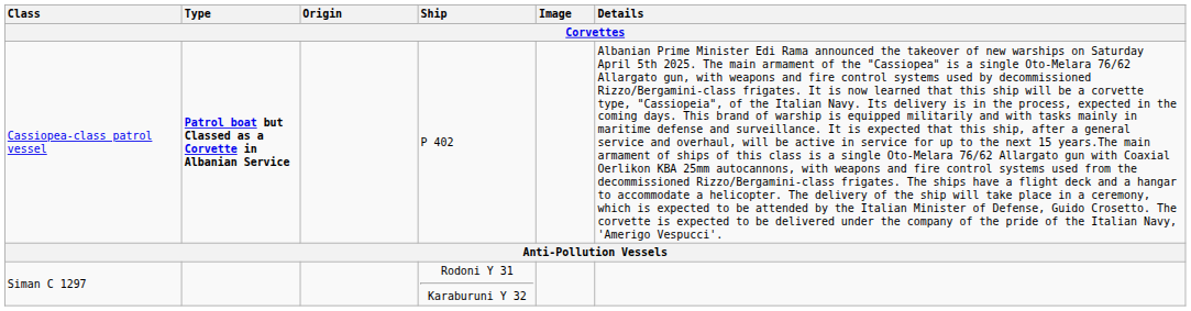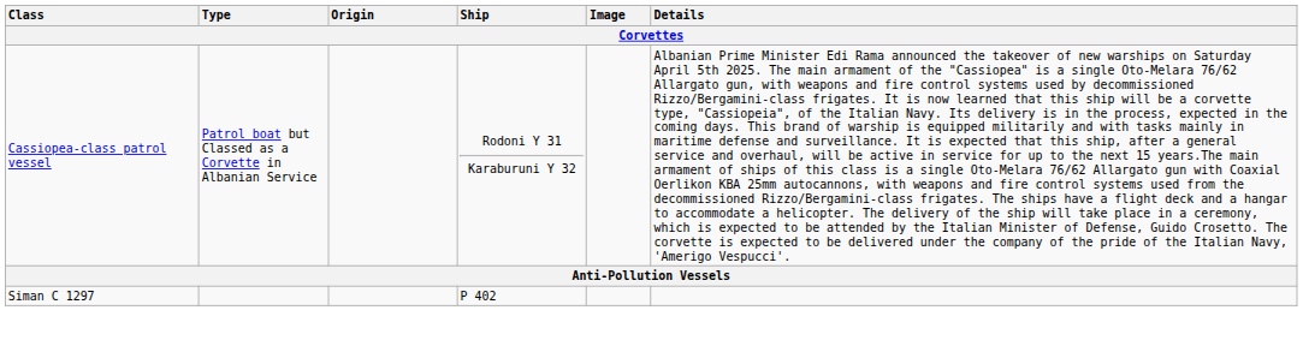 <table class="wikitable" style="margin:auto; font-size:90%; width:100%;">
 <tr>
 <th style="text-align:left; width:15%;">Class</th>
 <th style="text-align:left; width:10%;">Type</th>
 <th style="text-align:left; width:10%;">Origin</th>
 <th style="text-align:left; width:10%;">Ship</th>
 <th style="text-align:left; width:5%;">Image</th>
 <th style="text-align:left; width:50%;">Details</th>
 </tr>
 <tr>
 <th style="align: center;" colspan="6"><a href='#'>Corvettes</a></th>
 </tr>
 <tr>
 <td><a href='#'>Cassiopea-class patrol vessel</a></td>
-<td><strong><a href='#'>Patrol boat</a> but Classed as a <a href='#'>Corvette</a> in Albanian Service</strong></td>
+<td><a href='#'>Patrol boat</a> but Classed as a <a href='#'>Corvette</a> in Albanian Service</td>
 <td></td>
-<td>P 402</td>
+<td align=center>Rodoni Y 31 <hr> Karaburuni Y 32</td>
 <td></td>
 <td>Albanian Prime Minister Edi Rama announced the takeover of new warships on Saturday April 5th 2025. The main armament of the "Cassiopea" is a single Oto-Melara 76/62 Allargato gun, with weapons and fire control systems used by decommissioned Rizzo/Bergamini-class frigates. It is now learned that this ship will be a corvette type, "Cassiopeia", of the Italian Navy. Its delivery is in the process, expected in the coming days. This brand of warship is equipped militarily and with tasks mainly in maritime defense and surveillance. It is expected that this ship, after a general service and overhaul, will be active in service for up to the next 15 years.The main armament of ships of this class is a single Oto-Melara 76/62 Allargato gun with Coaxial Oerlikon KBA 25mm autocannons, with weapons and fire control systems used from the decommissioned Rizzo/Bergamini-class frigates. The ships have a flight deck and a hangar to accommodate a helicopter. The delivery of the ship will take place in a ceremony, which is expected to be attended by the Italian Minister of Defense, Guido Crosetto. The corvette is expected to be delivered under the company of the pride of the Italian Navy, 'Amerigo Vespucci'. </td>
 </tr>
 <tr>
 <th colspan="6">Anti-Pollution Vessels</th>
 </tr>
 <tr>
 <td>Siman C 1297</td>
 <td align=right></td>
 <td></td>
-<td align=center>Rodoni Y 31 <hr> Karaburuni Y 32</td>
+<td>P 402</td>
 <td></td>
 <td></td>
 </tr>
 </table>
